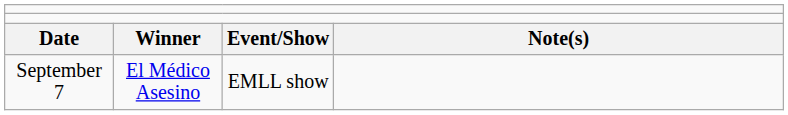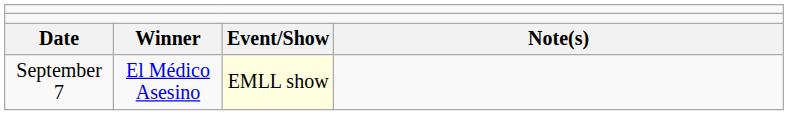 <table class="wikitable" style="text-align:center; width:100%;">
 <tr>
 <td colspan="5"></td>
 </tr>
 <tr>
 <td colspan="5"><strong></strong></td>
 </tr>
 <tr>
 <th width=14%>Date</th>
 <th width=14%>Winner</th>
 <th width=14%>Event/Show</th>
 <th width=58%>Note(s)</th>
 </tr>
 <tr>
 <td>September 7</td>
 <td><a href='#'>El Médico Asesino</a></td>
-<td>EMLL show</td>
+<td style="background: lightyellow;">EMLL show</td>
 <td align=left></td>
 </tr>
 </table>
